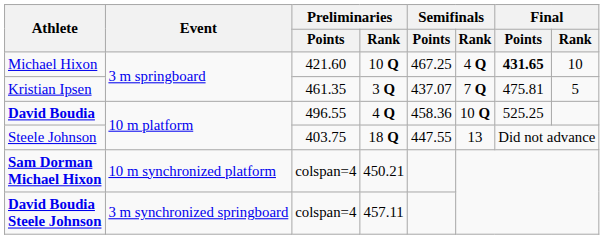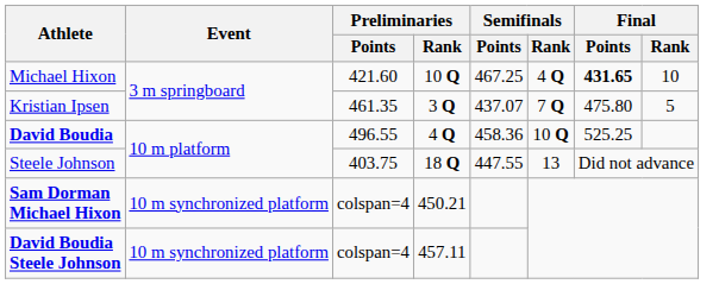 <table class=wikitable style=font-size:90%;text-align:center>
 <tr>
 <th rowspan=2>Athlete</th>
 <th rowspan=2>Event</th>
 <th colspan=2>Preliminaries</th>
 <th colspan=2>Semifinals</th>
 <th colspan=2>Final</th>
 </tr>
 <tr style=font-size:95%>
 <th>Points</th>
 <th>Rank</th>
 <th>Points</th>
 <th>Rank</th>
 <th>Points</th>
 <th>Rank</th>
 </tr>
 <tr>
 <td align=left><a href='#'>Michael Hixon</a></td>
 <td align=left rowspan=2><a href='#'>3 m springboard</a></td>
 <td>421.60</td>
 <td>10 <strong>Q</strong></td>
 <td>467.25</td>
 <td>4 <strong>Q</strong></td>
 <td><strong>431.65</strong></td>
 <td>10</td>
 </tr>
 <tr>
 <td align=left><a href='#'>Kristian Ipsen</a></td>
 <td>461.35</td>
 <td>3 <strong>Q</strong></td>
 <td>437.07</td>
 <td>7 <strong>Q</strong></td>
-<td>475.81</td>
+<td>475.80</td>
 <td>5</td>
 </tr>
 <tr>
 <td align=left><strong><a href='#'>David Boudia</a></strong></td>
 <td align=left rowspan=2><a href='#'>10 m platform</a></td>
 <td>496.55</td>
 <td>4 <strong>Q</strong></td>
 <td>458.36</td>
 <td>10 <strong>Q</strong></td>
 <td>525.25</td>
 <td></td>
 </tr>
 <tr>
 <td align=left><a href='#'>Steele Johnson</a></td>
 <td>403.75</td>
 <td>18 <strong>Q</strong></td>
 <td>447.55</td>
 <td>13</td>
 <td colspan=2>Did not advance</td>
 </tr>
 <tr>
 <td align=left><strong><a href='#'>Sam Dorman</a><br><a href='#'>Michael Hixon</a></strong></td>
 <td align=left><a href='#'>10 m synchronized platform</a></td>
 <td>colspan=4 </td>
 <td>450.21</td>
 <td></td>
 </tr>
 <tr>
 <td align=left><strong><a href='#'>David Boudia</a></strong><br><strong><a href='#'>Steele Johnson</a></strong></td>
-<td align=left><a href='#'>3 m synchronized springboard</a></td>
+<td align=left><a href='#'>10 m synchronized platform</a></td>
 <td>colspan=4 </td>
 <td>457.11</td>
 <td></td>
 </tr>
 </table>
